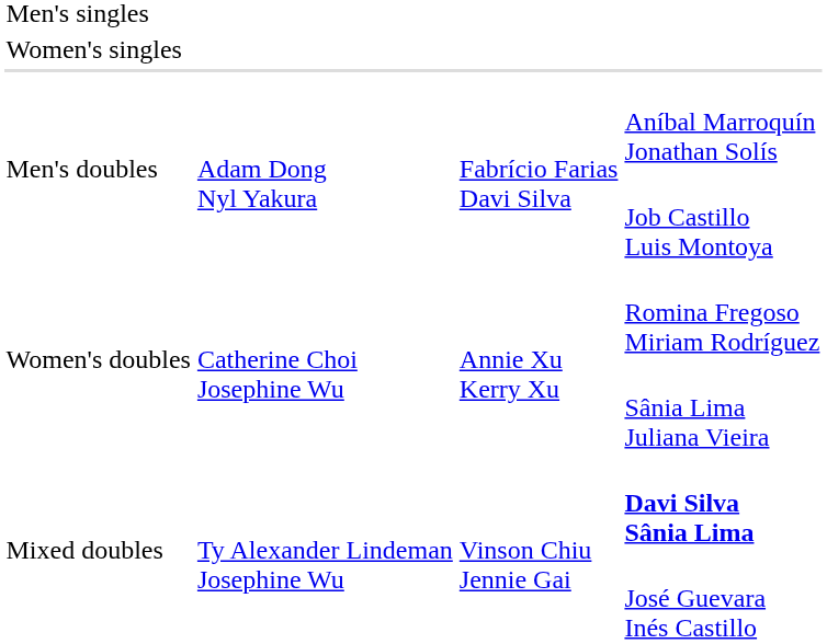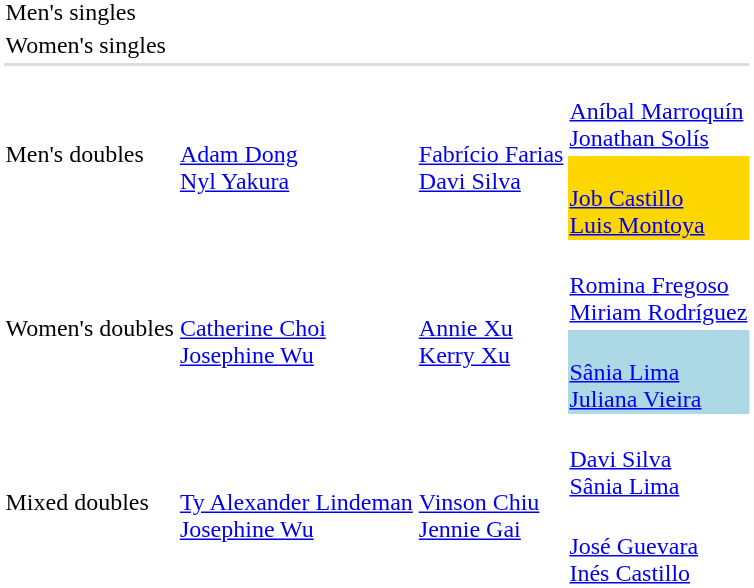 <table>
 <tr>
 <td rowspan=2>Men's singles <br></td>
 <td rowspan=2></td>
 <td rowspan=2></td>
 <td></td>
 </tr>
 <tr>
 <td></td>
 </tr>
 <tr>
 <td rowspan=2>Women's singles <br></td>
 <td rowspan=2></td>
 <td rowspan=2></td>
 <td></td>
 </tr>
 <tr>
 <td></td>
 </tr>
 <tr bgcolor=#DDDDDD>
 <td colspan=7></td>
 </tr>
 <tr>
 <td rowspan=2>Men's doubles <br></td>
 <td rowspan=2><br><a href='#'>Adam Dong</a><br><a href='#'>Nyl Yakura</a></td>
 <td rowspan=2><br><a href='#'>Fabrício Farias</a><br><a href='#'>Davi Silva</a></td>
 <td><br><a href='#'>Aníbal Marroquín</a><br><a href='#'>Jonathan Solís</a></td>
 </tr>
 <tr>
-<td><br><a href='#'>Job Castillo</a><br><a href='#'>Luis Montoya</a></td>
+<td style="background: gold;"><br><a href='#'>Job Castillo</a><br><a href='#'>Luis Montoya</a></td>
 </tr>
 <tr>
 <td rowspan=2>Women's doubles <br></td>
 <td rowspan=2><br><a href='#'>Catherine Choi</a><br><a href='#'>Josephine Wu</a></td>
 <td rowspan=2><br><a href='#'>Annie Xu</a><br><a href='#'>Kerry Xu</a></td>
 <td><br><a href='#'>Romina Fregoso</a><br><a href='#'>Miriam Rodríguez</a></td>
 </tr>
 <tr>
-<td><br><a href='#'>Sânia Lima</a><br><a href='#'>Juliana Vieira</a></td>
+<td style="background: lightblue;"><br><a href='#'>Sânia Lima</a><br><a href='#'>Juliana Vieira</a></td>
 </tr>
 <tr>
 <td rowspan=2>Mixed doubles <br></td>
 <td rowspan=2><br><a href='#'>Ty Alexander Lindeman</a><br><a href='#'>Josephine Wu</a></td>
 <td rowspan=2><br><a href='#'>Vinson Chiu</a><br><a href='#'>Jennie Gai</a></td>
-<td><strong><br><a href='#'>Davi Silva</a><br><a href='#'>Sânia Lima</a></strong></td>
+<td><br><a href='#'>Davi Silva</a><br><a href='#'>Sânia Lima</a></td>
 </tr>
 <tr>
 <td><br><a href='#'>José Guevara</a><br><a href='#'>Inés Castillo</a></td>
 </tr>
 </table>
